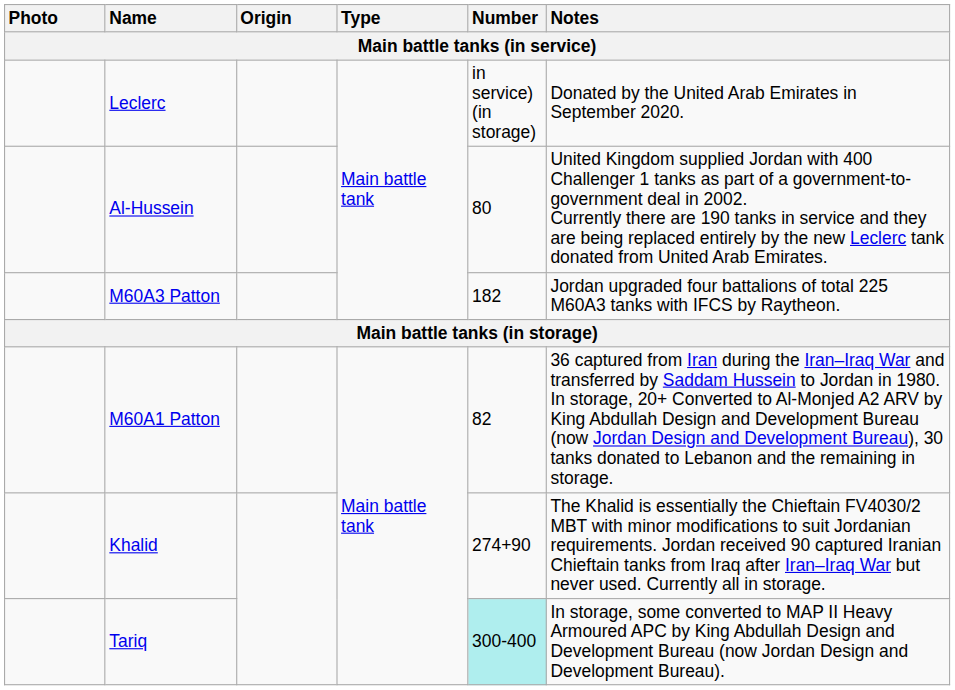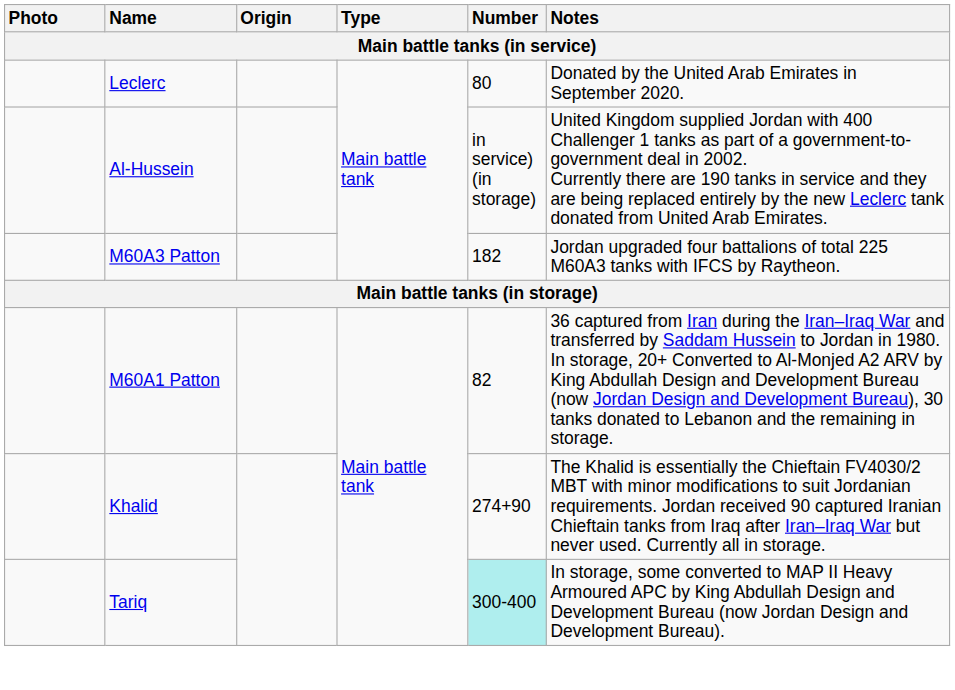 <table class="wikitable">
 <tr>
 <th style="text-align: left; width:10%;">Photo</th>
 <th style="text-align: left; width:13%;">Name</th>
 <th style="text-align: left; width:10%;">Origin</th>
 <th style="text-align: left; width:13%;">Type</th>
 <th style="text-align: left; width:7%;">Number</th>
 <th style="text-align: left; width:40%;">Notes</th>
 </tr>
 <tr>
 <th colspan="6">Main battle tanks (in service)</th>
 </tr>
 <tr>
 <td></td>
 <td><a href='#'>Leclerc</a></td>
 <td></td>
 <td rowspan="3"><a href='#'>Main battle tank</a></td>
-<td>in service)<br> (in storage)</td>
+<td>80</td>
 <td>Donated by the United Arab Emirates in September 2020.</td>
 </tr>
 <tr>
 <td></td>
 <td><a href='#'>Al-Hussein</a></td>
 <td></td>
-<td>80</td>
+<td>in service)<br> (in storage)</td>
 <td>United Kingdom supplied Jordan with 400 Challenger 1 tanks as part of a government-to-government deal in 2002. <br>Currently there are 190 tanks in service and they are being replaced entirely by the new <a href='#'>Leclerc</a> tank donated from United Arab Emirates.</td>
 </tr>
 <tr>
 <td></td>
 <td><a href='#'>M60A3 Patton</a></td>
 <td></td>
 <td>182</td>
 <td>Jordan upgraded four battalions of total 225 M60A3 tanks with IFCS by Raytheon.</td>
 </tr>
 <tr>
 <th colspan="6">Main battle tanks (in storage)</th>
 </tr>
 <tr>
 <td></td>
 <td><a href='#'>M60A1 Patton</a></td>
 <td></td>
 <td rowspan="3"><a href='#'>Main battle tank</a></td>
 <td>82</td>
 <td>36 captured from <a href='#'>Iran</a> during the <a href='#'>Iran–Iraq War</a> and transferred by <a href='#'>Saddam Hussein</a> to Jordan in 1980. In storage, 20+ Converted to Al-Monjed A2 ARV by King Abdullah Design and Development Bureau (now <a href='#'>Jordan Design and Development Bureau</a>), 30 tanks donated to Lebanon and the remaining in storage.</td>
 </tr>
 <tr>
 <td></td>
 <td><a href='#'>Khalid</a></td>
 <td rowspan="2"></td>
 <td>274+90</td>
 <td>The Khalid is essentially the Chieftain FV4030/2 MBT with minor modifications to suit Jordanian requirements. Jordan received 90 captured Iranian Chieftain tanks from Iraq after <a href='#'>Iran–Iraq War</a> but never used. Currently all in storage.</td>
 </tr>
 <tr>
 <td></td>
 <td><a href='#'>Tariq</a></td>
 <td style="background: paleturquoise;">300-400</td>
 <td>In storage, some converted to MAP II Heavy Armoured APC by King Abdullah Design and Development Bureau (now Jordan Design and Development Bureau).</td>
 </tr>
 </table>
